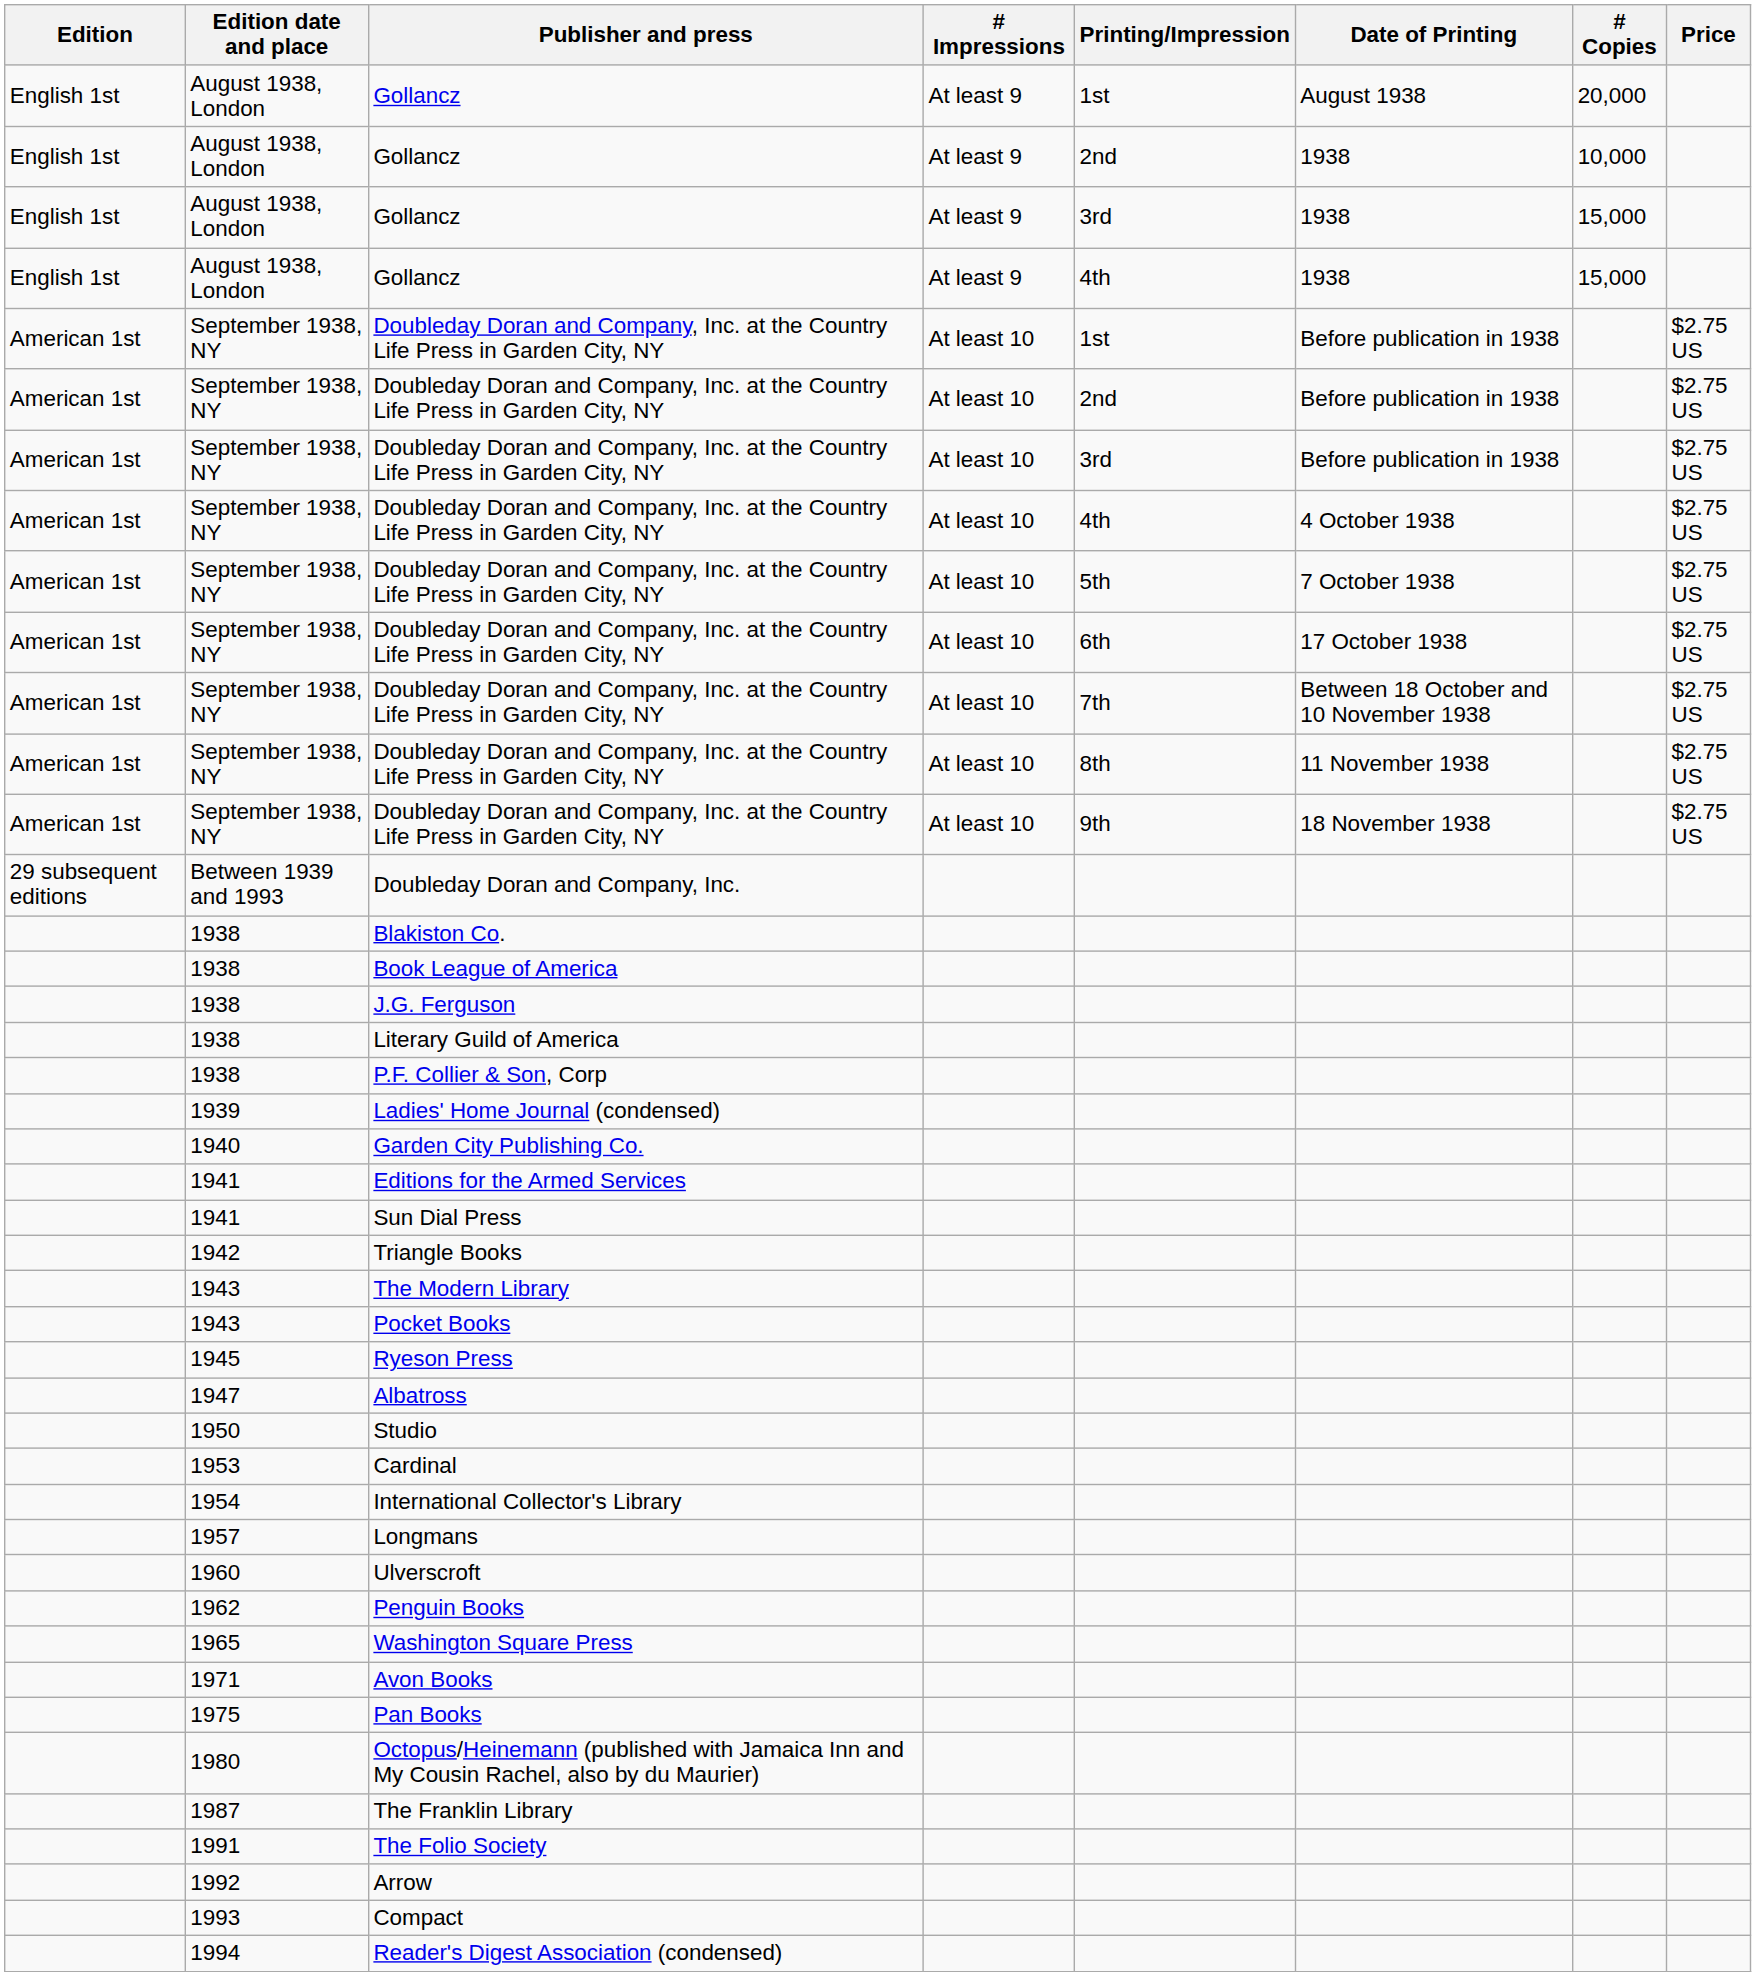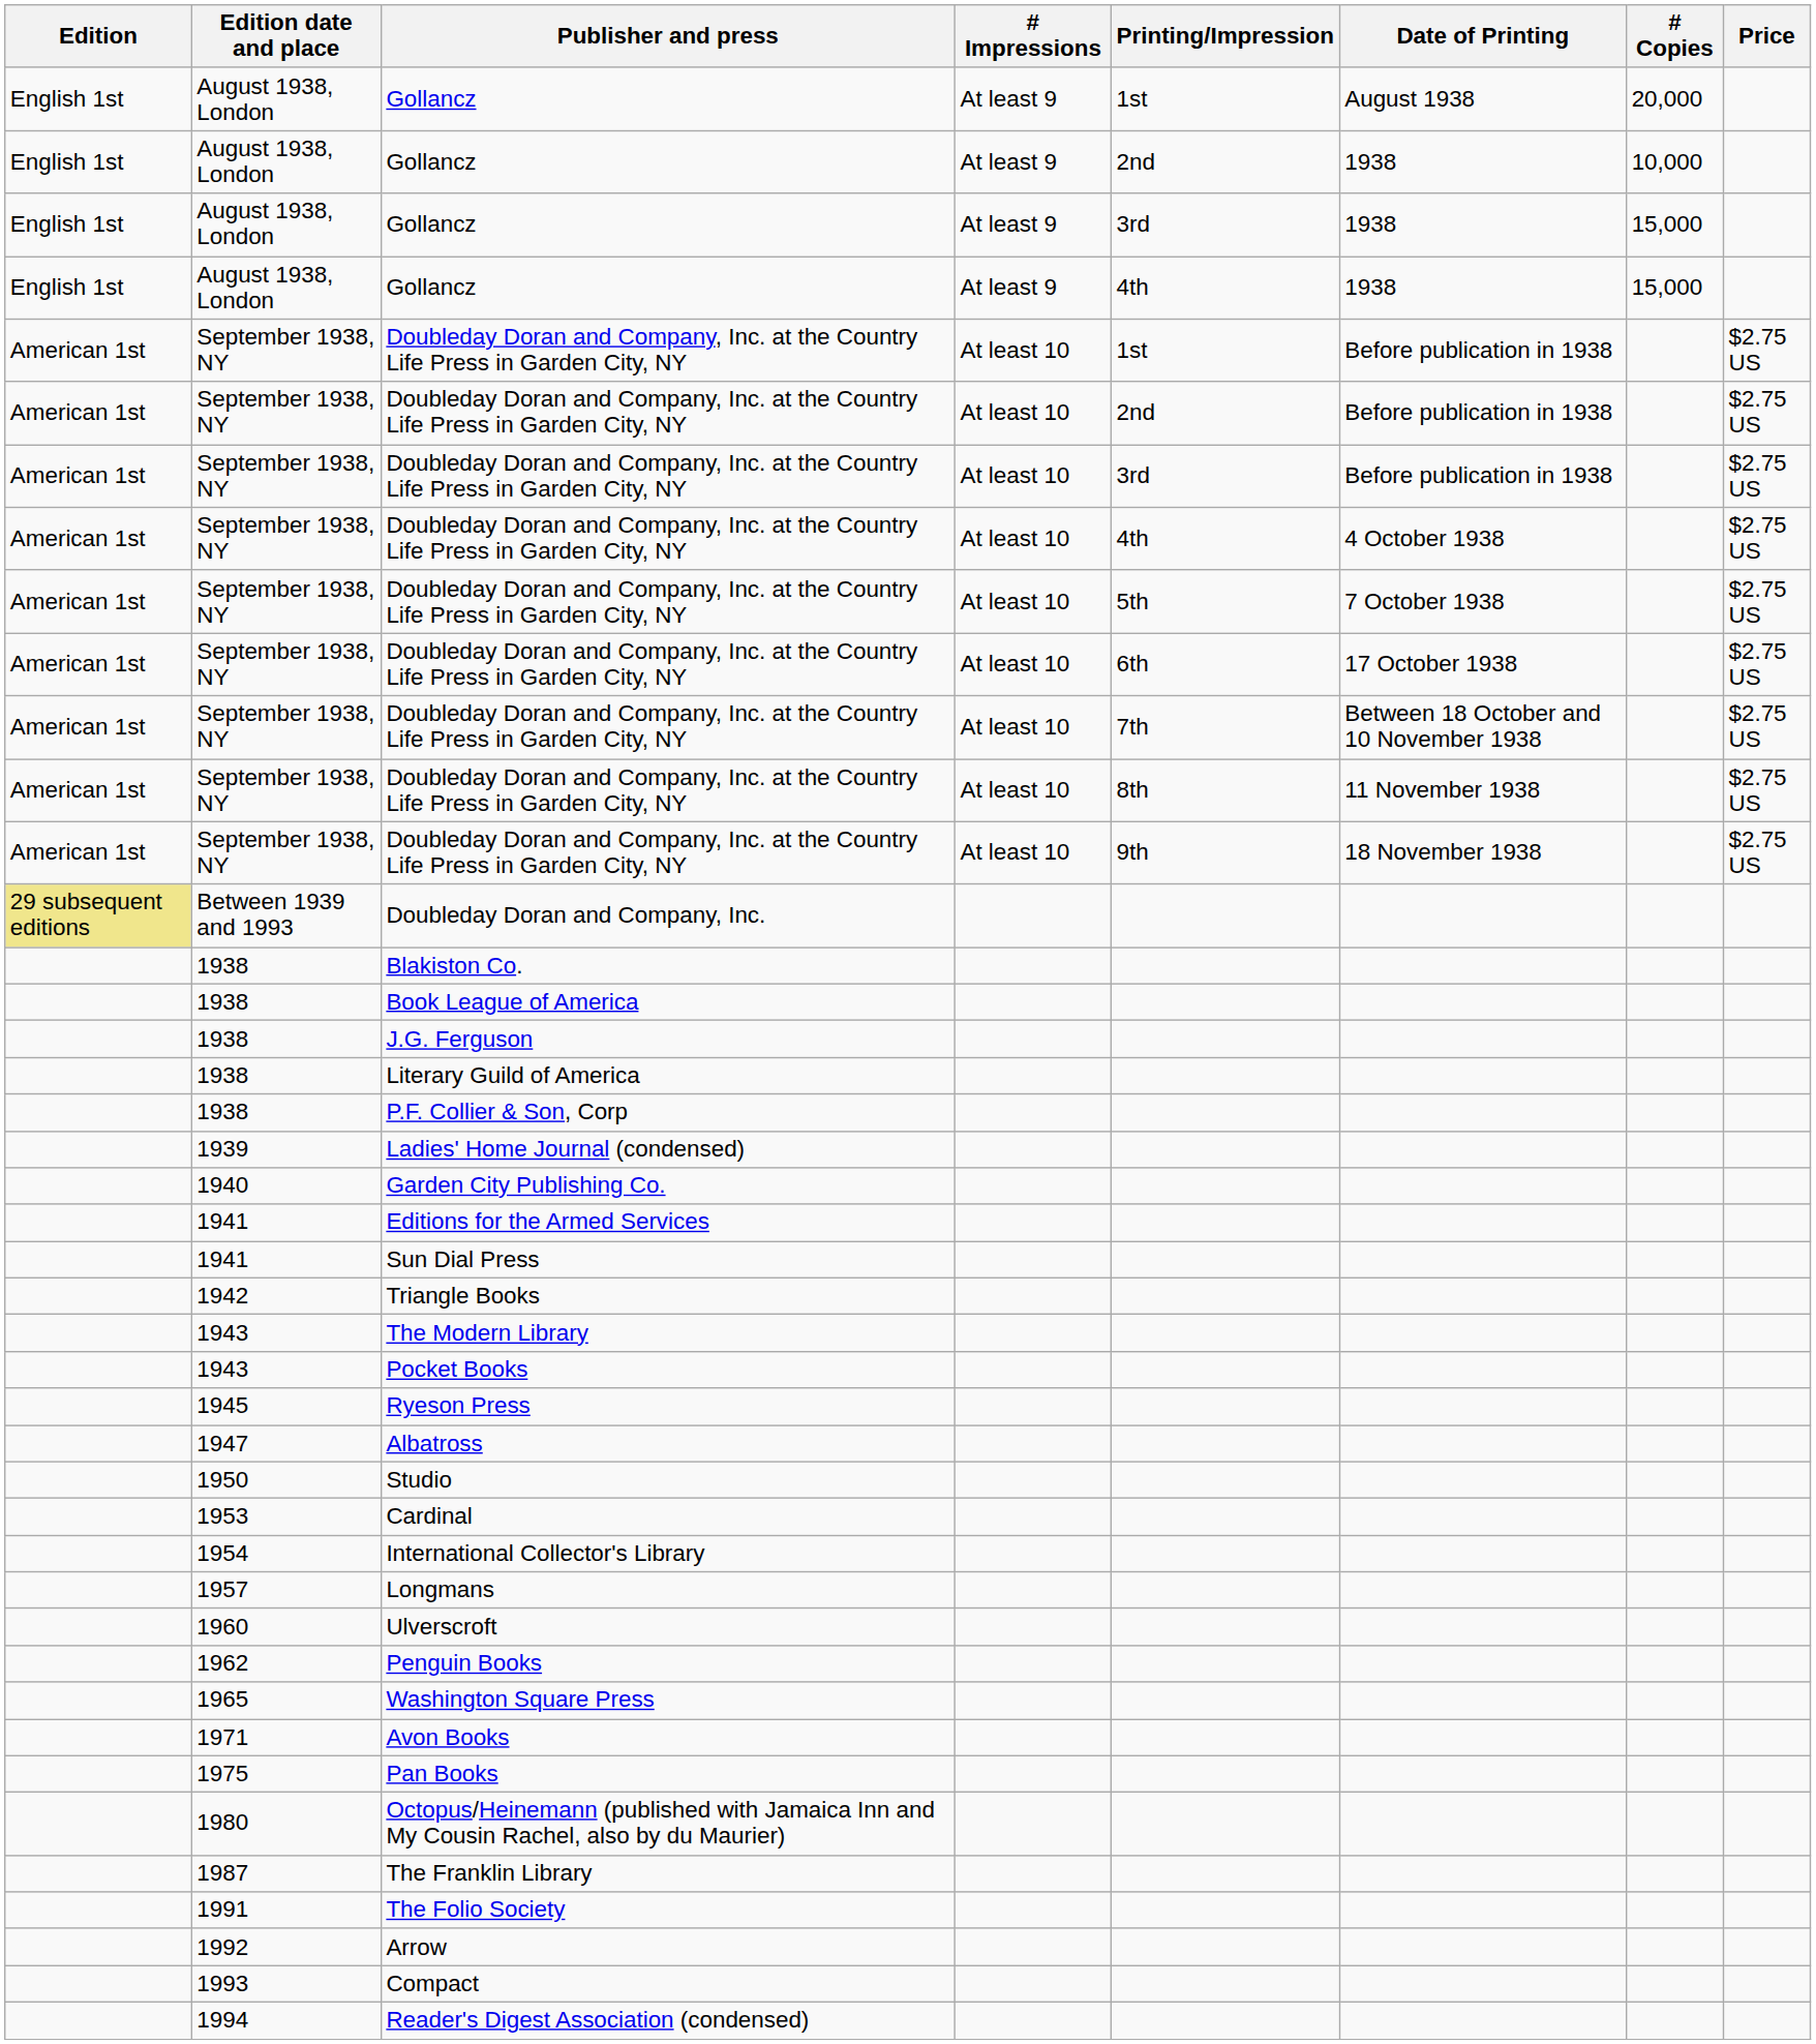 <table class="wikitable">
 <tr>
 <th>Edition</th>
 <th>Edition date and place</th>
 <th>Publisher and press</th>
 <th># Impressions</th>
 <th>Printing/Impression</th>
 <th>Date of Printing</th>
 <th># Copies</th>
 <th>Price</th>
 </tr>
 <tr>
 <td>English 1st</td>
 <td>August 1938, London</td>
 <td><a href='#'>Gollancz</a></td>
 <td>At least 9</td>
 <td>1st</td>
 <td>August 1938</td>
 <td>20,000</td>
 <td></td>
 </tr>
 <tr>
 <td>English 1st</td>
 <td>August 1938, London</td>
 <td>Gollancz</td>
 <td>At least 9</td>
 <td>2nd</td>
 <td>1938</td>
 <td>10,000</td>
 <td></td>
 </tr>
 <tr>
 <td>English 1st</td>
 <td>August 1938, London</td>
 <td>Gollancz</td>
 <td>At least 9</td>
 <td>3rd</td>
 <td>1938</td>
 <td>15,000</td>
 <td></td>
 </tr>
 <tr>
 <td>English 1st</td>
 <td>August 1938, London</td>
 <td>Gollancz</td>
 <td>At least 9</td>
 <td>4th</td>
 <td>1938</td>
 <td>15,000</td>
 <td></td>
 </tr>
 <tr>
 <td>American 1st</td>
 <td>September 1938, NY</td>
 <td><a href='#'>Doubleday Doran and Company</a>, Inc. at the Country Life Press in Garden City, NY</td>
 <td>At least 10</td>
 <td>1st</td>
 <td>Before publication in 1938</td>
 <td></td>
 <td>$2.75 US</td>
 </tr>
 <tr>
 <td>American 1st</td>
 <td>September 1938, NY</td>
 <td>Doubleday Doran and Company, Inc. at the Country Life Press in Garden City, NY</td>
 <td>At least 10</td>
 <td>2nd</td>
 <td>Before publication in 1938</td>
 <td></td>
 <td>$2.75 US</td>
 </tr>
 <tr>
 <td>American 1st</td>
 <td>September 1938, NY</td>
 <td>Doubleday Doran and Company, Inc. at the Country Life Press in Garden City, NY</td>
 <td>At least 10</td>
 <td>3rd</td>
 <td>Before publication in 1938</td>
 <td></td>
 <td>$2.75 US</td>
 </tr>
 <tr>
 <td>American 1st</td>
 <td>September 1938, NY</td>
 <td>Doubleday Doran and Company, Inc. at the Country Life Press in Garden City, NY</td>
 <td>At least 10</td>
 <td>4th</td>
 <td>4 October 1938</td>
 <td></td>
 <td>$2.75 US</td>
 </tr>
 <tr>
 <td>American 1st</td>
 <td>September 1938, NY</td>
 <td>Doubleday Doran and Company, Inc. at the Country Life Press in Garden City, NY</td>
 <td>At least 10</td>
 <td>5th</td>
 <td>7 October 1938</td>
 <td></td>
 <td>$2.75 US</td>
 </tr>
 <tr>
 <td>American 1st</td>
 <td>September 1938, NY</td>
 <td>Doubleday Doran and Company, Inc. at the Country Life Press in Garden City, NY</td>
 <td>At least 10</td>
 <td>6th</td>
 <td>17 October 1938</td>
 <td></td>
 <td>$2.75 US</td>
 </tr>
 <tr>
 <td>American 1st</td>
 <td>September 1938, NY</td>
 <td>Doubleday Doran and Company, Inc. at the Country Life Press in Garden City, NY</td>
 <td>At least 10</td>
 <td>7th</td>
 <td>Between 18 October and 10 November 1938</td>
 <td></td>
 <td>$2.75 US</td>
 </tr>
 <tr>
 <td>American 1st</td>
 <td>September 1938, NY</td>
 <td>Doubleday Doran and Company, Inc. at the Country Life Press in Garden City, NY</td>
 <td>At least 10</td>
 <td>8th</td>
 <td>11 November 1938</td>
 <td></td>
 <td>$2.75 US</td>
 </tr>
 <tr>
 <td>American 1st</td>
 <td>September 1938, NY</td>
 <td>Doubleday Doran and Company, Inc. at the Country Life Press in Garden City, NY</td>
 <td>At least 10</td>
 <td>9th</td>
 <td>18 November 1938</td>
 <td></td>
 <td>$2.75 US</td>
 </tr>
 <tr>
-<td>29 subsequent editions</td>
+<td style="background: khaki;">29 subsequent editions</td>
 <td>Between 1939 and 1993</td>
 <td>Doubleday Doran and Company, Inc.</td>
 <td></td>
 <td></td>
 <td></td>
 <td></td>
 <td></td>
 </tr>
 <tr>
 <td></td>
 <td>1938</td>
 <td><a href='#'>Blakiston Co</a>.</td>
 <td></td>
 <td></td>
 <td></td>
 <td></td>
 <td></td>
 </tr>
 <tr>
 <td></td>
 <td>1938</td>
 <td><a href='#'>Book League of America</a></td>
 <td></td>
 <td></td>
 <td></td>
 <td></td>
 <td></td>
 </tr>
 <tr>
 <td></td>
 <td>1938</td>
 <td><a href='#'>J.G. Ferguson</a></td>
 <td></td>
 <td></td>
 <td></td>
 <td></td>
 <td></td>
 </tr>
 <tr>
 <td></td>
 <td>1938</td>
 <td>Literary Guild of America</td>
 <td></td>
 <td></td>
 <td></td>
 <td></td>
 <td></td>
 </tr>
 <tr>
 <td></td>
 <td>1938</td>
 <td><a href='#'>P.F. Collier & Son</a>, Corp</td>
 <td></td>
 <td></td>
 <td></td>
 <td></td>
 <td></td>
 </tr>
 <tr>
 <td></td>
 <td>1939</td>
 <td><a href='#'>Ladies' Home Journal</a> (condensed)</td>
 <td></td>
 <td></td>
 <td></td>
 <td></td>
 <td></td>
 </tr>
 <tr 1940 sixteenth impression Gollancz London>
 <td></td>
 <td>1940</td>
 <td><a href='#'>Garden City Publishing Co.</a></td>
 <td></td>
 <td></td>
 <td></td>
 <td></td>
 <td></td>
 </tr>
 <tr>
 <td></td>
 <td>1941</td>
 <td><a href='#'>Editions for the Armed Services</a></td>
 <td></td>
 <td></td>
 <td></td>
 <td></td>
 <td></td>
 </tr>
 <tr>
 <td></td>
 <td>1941</td>
 <td>Sun Dial Press</td>
 <td></td>
 <td></td>
 <td></td>
 <td></td>
 <td></td>
 </tr>
 <tr>
 <td></td>
 <td>1942</td>
 <td>Triangle Books</td>
 <td></td>
 <td></td>
 <td></td>
 <td></td>
 <td></td>
 </tr>
 <tr>
 <td></td>
 <td>1943</td>
 <td><a href='#'>The Modern Library</a></td>
 <td></td>
 <td></td>
 <td></td>
 <td></td>
 <td></td>
 </tr>
 <tr>
 <td></td>
 <td>1943</td>
 <td><a href='#'>Pocket Books</a></td>
 <td></td>
 <td></td>
 <td></td>
 <td></td>
 <td></td>
 </tr>
 <tr>
 <td></td>
 <td>1945</td>
 <td><a href='#'>Ryeson Press</a></td>
 <td></td>
 <td></td>
 <td></td>
 <td></td>
 <td></td>
 </tr>
 <tr>
 <td></td>
 <td>1947</td>
 <td><a href='#'>Albatross</a></td>
 <td></td>
 <td></td>
 <td></td>
 <td></td>
 <td></td>
 </tr>
 <tr>
 <td></td>
 <td>1950</td>
 <td>Studio</td>
 <td></td>
 <td></td>
 <td></td>
 <td></td>
 <td></td>
 </tr>
 <tr>
 <td></td>
 <td>1953</td>
 <td>Cardinal</td>
 <td></td>
 <td></td>
 <td></td>
 <td></td>
 <td></td>
 </tr>
 <tr>
 <td></td>
 <td>1954</td>
 <td>International Collector's Library</td>
 <td></td>
 <td></td>
 <td></td>
 <td></td>
 <td></td>
 </tr>
 <tr>
 <td></td>
 <td>1957</td>
 <td>Longmans</td>
 <td></td>
 <td></td>
 <td></td>
 <td></td>
 <td></td>
 </tr>
 <tr>
 <td></td>
 <td>1960</td>
 <td>Ulverscroft</td>
 <td></td>
 <td></td>
 <td></td>
 <td></td>
 <td></td>
 </tr>
 <tr>
 <td></td>
 <td>1962</td>
 <td><a href='#'>Penguin Books</a></td>
 <td></td>
 <td></td>
 <td></td>
 <td></td>
 <td></td>
 </tr>
 <tr>
 <td></td>
 <td>1965</td>
 <td><a href='#'>Washington Square Press</a></td>
 <td></td>
 <td></td>
 <td></td>
 <td></td>
 <td></td>
 </tr>
 <tr>
 <td></td>
 <td>1971</td>
 <td><a href='#'>Avon Books</a></td>
 <td></td>
 <td></td>
 <td></td>
 <td></td>
 <td></td>
 </tr>
 <tr>
 <td></td>
 <td>1975</td>
 <td><a href='#'>Pan Books</a></td>
 <td></td>
 <td></td>
 <td></td>
 <td></td>
 <td></td>
 </tr>
 <tr>
 <td></td>
 <td>1980</td>
 <td><a href='#'>Octopus</a>/<a href='#'>Heinemann</a> (published with Jamaica Inn and My Cousin Rachel, also by du Maurier)</td>
 <td></td>
 <td></td>
 <td></td>
 <td></td>
 <td></td>
 </tr>
 <tr>
 <td></td>
 <td>1987</td>
 <td>The Franklin Library</td>
 <td></td>
 <td></td>
 <td></td>
 <td></td>
 <td></td>
 </tr>
 <tr>
 <td></td>
 <td>1991</td>
 <td><a href='#'>The Folio Society</a></td>
 <td></td>
 <td></td>
 <td></td>
 <td></td>
 <td></td>
 </tr>
 <tr>
 <td></td>
 <td>1992</td>
 <td>Arrow</td>
 <td></td>
 <td></td>
 <td></td>
 <td></td>
 <td></td>
 </tr>
 <tr>
 <td></td>
 <td>1993</td>
 <td>Compact</td>
 <td></td>
 <td></td>
 <td></td>
 <td></td>
 <td></td>
 </tr>
 <tr>
 <td></td>
 <td>1994</td>
 <td><a href='#'>Reader's Digest Association</a> (condensed)</td>
 <td></td>
 <td></td>
 <td></td>
 <td></td>
 <td></td>
 </tr>
 <tr>
 </tr>
 </table>
